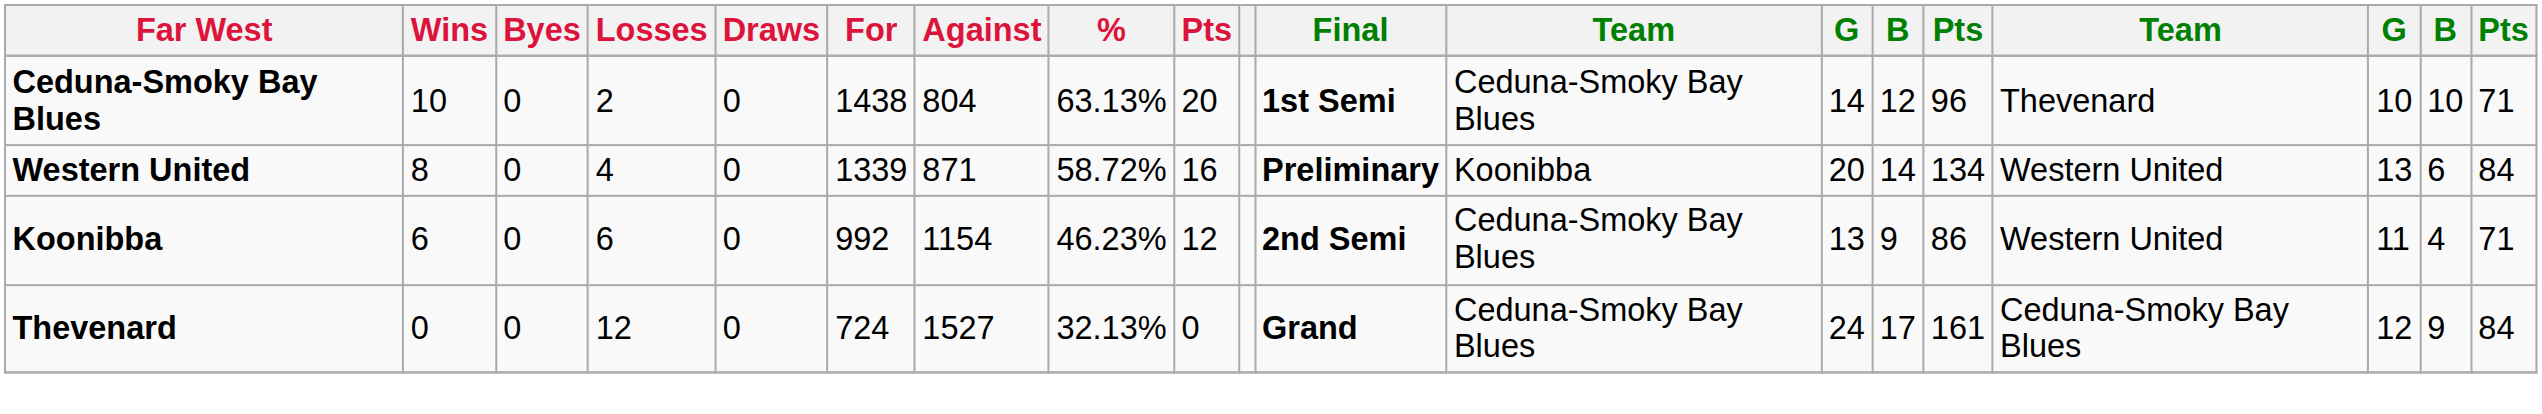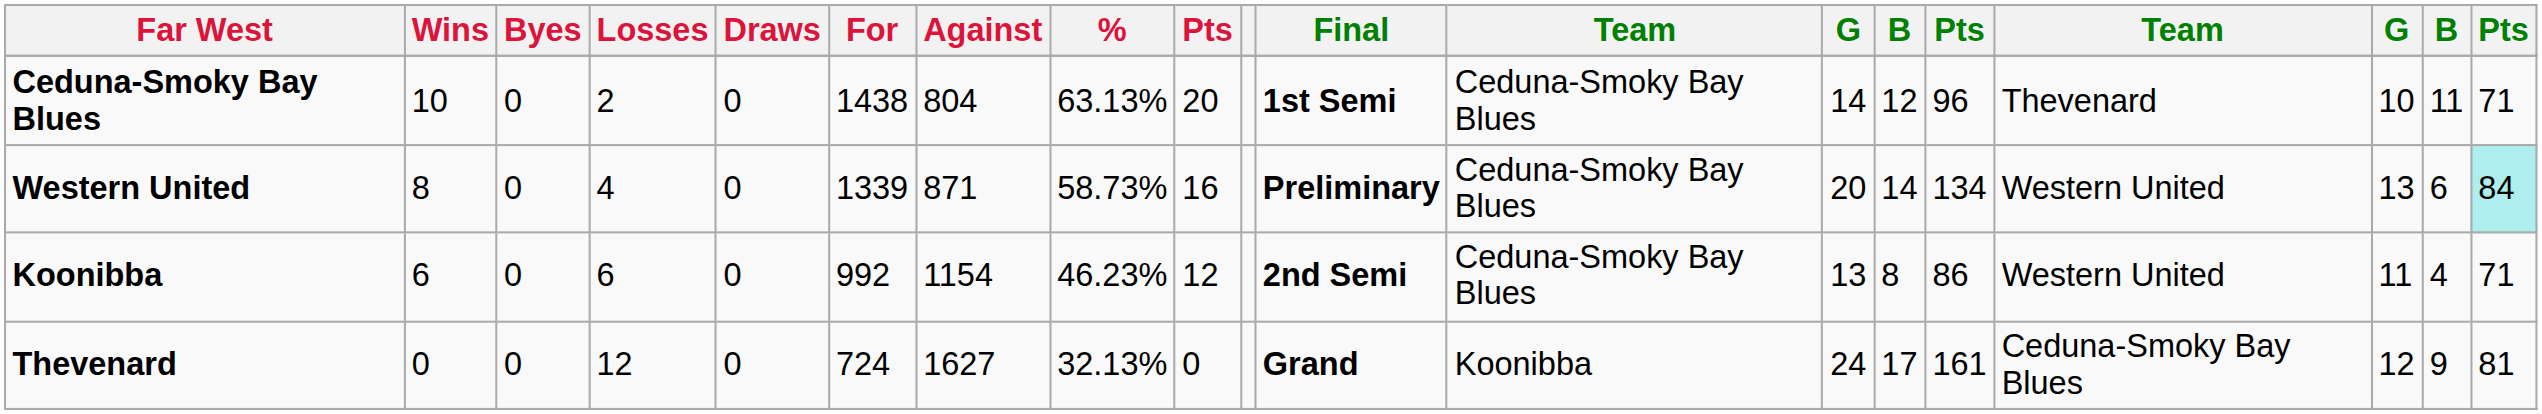 <table class="wikitable">
 <tr>
 <th style="color:crimson">Far West</th>
 <th style="color:crimson">Wins</th>
 <th style="color:crimson">Byes</th>
 <th style="color:crimson">Losses</th>
 <th style="color:crimson">Draws</th>
 <th style="color:crimson">For</th>
 <th style="color:crimson">Against</th>
 <th style="color:crimson">%</th>
 <th style="color:crimson">Pts</th>
 <th></th>
 <th style="color:green">Final</th>
 <th style="color:green">Team</th>
 <th style="color:green">G</th>
 <th style="color:green">B</th>
 <th style="color:green">Pts</th>
 <th style="color:green">Team</th>
 <th style="color:green">G</th>
 <th style="color:green">B</th>
 <th style="color:green">Pts</th>
 </tr>
 <tr>
 </tr>
 <tr>
 </tr>
 <tr>
 <td><strong>	Ceduna-Smoky Bay Blues	</strong></td>
 <td>10</td>
 <td>0</td>
 <td>2</td>
 <td>0</td>
 <td>1438</td>
 <td>804</td>
 <td>63.13%</td>
 <td>20</td>
 <td></td>
 <td><strong>1st Semi</strong></td>
 <td>Ceduna-Smoky Bay Blues</td>
 <td>14</td>
 <td>12</td>
 <td>96</td>
 <td>Thevenard</td>
 <td>10</td>
-<td>10</td>
+<td>11</td>
 <td>71</td>
 </tr>
 <tr>
 <td><strong>	Western United	</strong></td>
 <td>8</td>
 <td>0</td>
 <td>4</td>
 <td>0</td>
 <td>1339</td>
 <td>871</td>
-<td>58.72%</td>
+<td>58.73%</td>
 <td>16</td>
 <td></td>
 <td><strong>Preliminary</strong></td>
-<td>Koonibba</td>
+<td>Ceduna-Smoky Bay Blues</td>
 <td>20</td>
 <td>14</td>
 <td>134</td>
 <td>Western United</td>
 <td>13</td>
 <td>6</td>
-<td>84</td>
+<td style="background: paleturquoise;">84</td>
 </tr>
 <tr>
 <td><strong>	Koonibba	</strong></td>
 <td>6</td>
 <td>0</td>
 <td>6</td>
 <td>0</td>
 <td>992</td>
 <td>1154</td>
 <td>46.23%</td>
 <td>12</td>
 <td></td>
 <td><strong>2nd Semi</strong></td>
 <td>Ceduna-Smoky Bay Blues</td>
 <td>13</td>
-<td>9</td>
+<td>8</td>
 <td>86</td>
 <td>Western United</td>
 <td>11</td>
 <td>4</td>
 <td>71</td>
 </tr>
 <tr>
 <td><strong>	Thevenard	</strong></td>
 <td>0</td>
 <td>0</td>
 <td>12</td>
 <td>0</td>
 <td>724</td>
-<td>1527</td>
+<td>1627</td>
 <td>32.13%</td>
 <td>0</td>
 <td></td>
 <td><strong>Grand</strong></td>
-<td>Ceduna-Smoky Bay Blues</td>
+<td>Koonibba</td>
 <td>24</td>
 <td>17</td>
 <td>161</td>
 <td>Ceduna-Smoky Bay Blues</td>
 <td>12</td>
 <td>9</td>
-<td>84</td>
+<td>81</td>
 </tr>
 <tr>
 </tr>
 </table>
